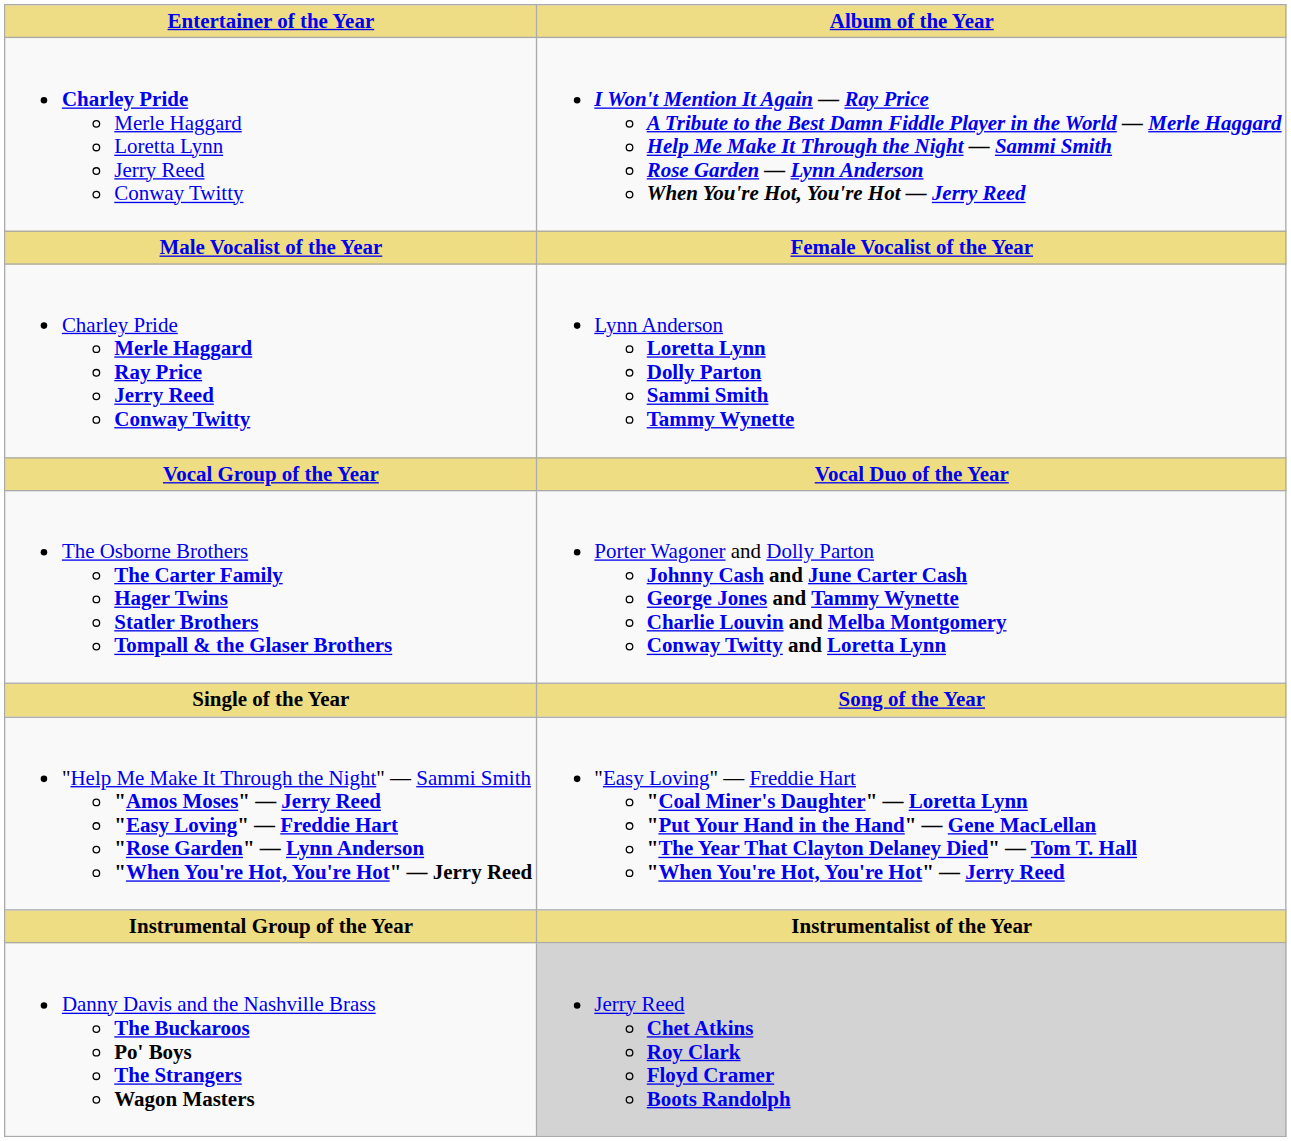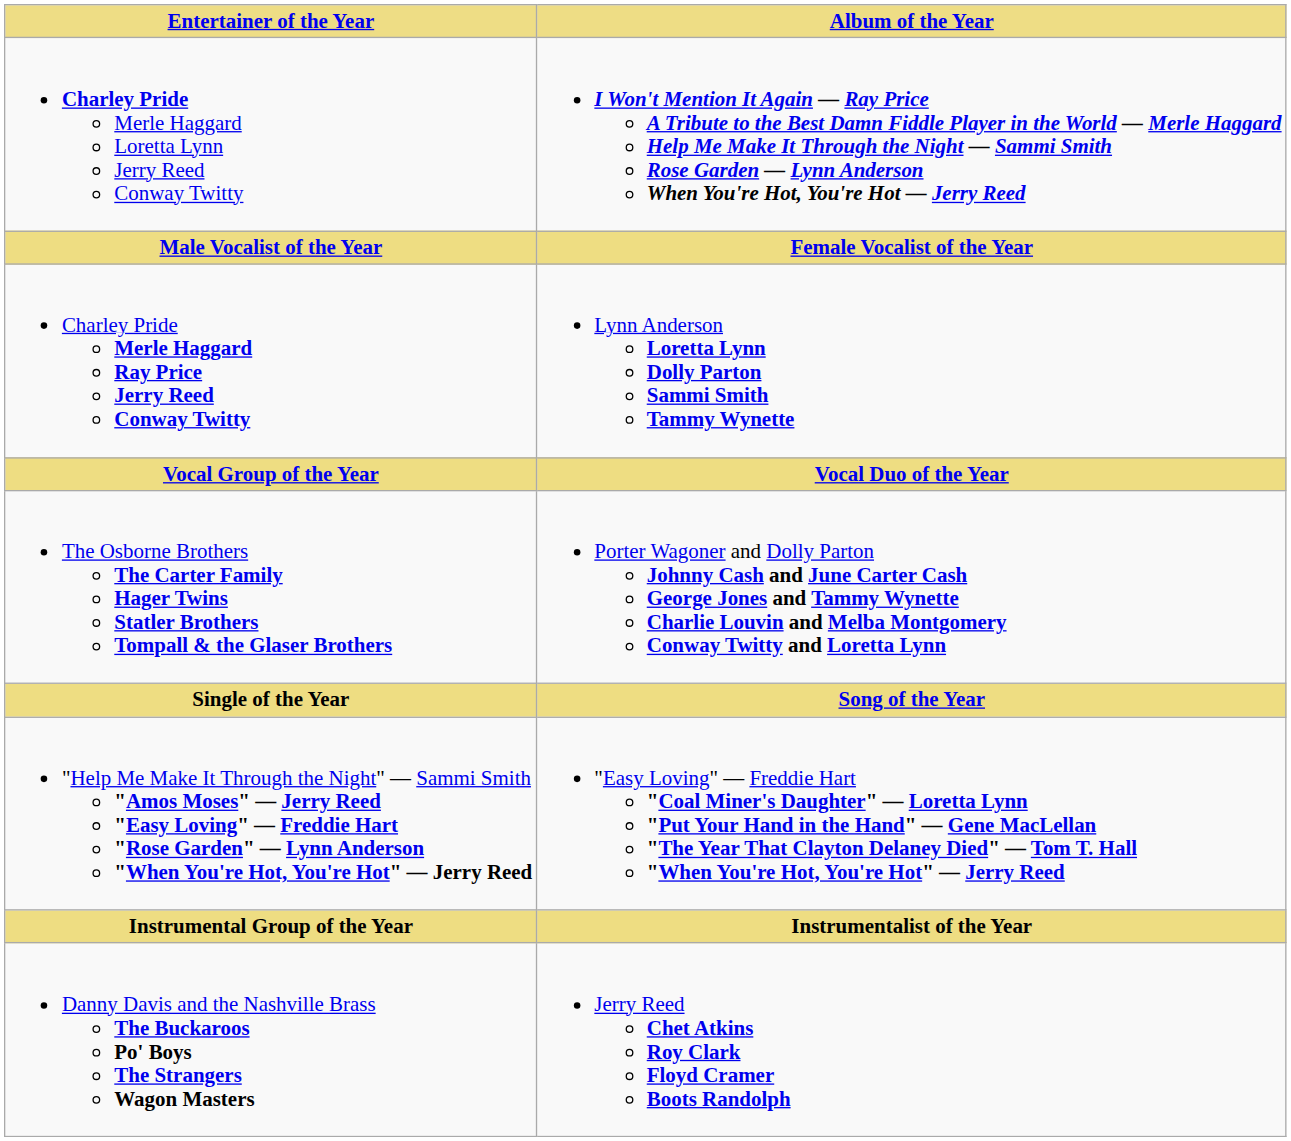 <table class="wikitable">
 <tr>
 <th style="background:#EEDD85; width=50%"><a href='#'>Entertainer of the Year</a></th>
 <th style="background:#EEDD85; width=50%"><a href='#'>Album of the Year</a></th>
 </tr>
 <tr>
 <td valign="top"><br><ul><li><strong><a href='#'>Charley Pride</a></strong><ul><li><a href='#'>Merle Haggard</a></li><li><a href='#'>Loretta Lynn</a></li><li><a href='#'>Jerry Reed</a></li><li><a href='#'>Conway Twitty</a></li></ul></li></ul></td>
 <td valign="top"><br><ul><li><strong><em><a href='#'>I Won't Mention It Again</a><em> — <a href='#'>Ray Price</a><strong><ul><li></em><a href='#'>A Tribute to the Best Damn Fiddle Player in the World</a><em> — <a href='#'>Merle Haggard</a></li><li></em><a href='#'>Help Me Make It Through the Night</a><em> — <a href='#'>Sammi Smith</a>   </li><li></em><a href='#'>Rose Garden</a><em> — <a href='#'>Lynn Anderson</a></li><li></em>When You're Hot, You're Hot<em> — <a href='#'>Jerry Reed</a></li></ul></li></ul></td>
 </tr>
 <tr>
 <th style="background:#EEDD82; width=50%"><a href='#'>Male Vocalist of the Year</a></th>
 <th style="background:#EEDD82; width=50%"><a href='#'>Female Vocalist of the Year</a></th>
 </tr>
 <tr>
 <td valign="top"><br><ul><li></strong><a href='#'>Charley Pride</a><strong><ul><li><a href='#'>Merle Haggard</a></li><li><a href='#'>Ray Price</a></li><li><a href='#'>Jerry Reed</a></li><li><a href='#'>Conway Twitty</a></li></ul></li></ul></td>
 <td valign="top"><br><ul><li></strong><a href='#'>Lynn Anderson</a><strong><ul><li><a href='#'>Loretta Lynn</a></li><li><a href='#'>Dolly Parton</a></li><li><a href='#'>Sammi Smith</a></li><li><a href='#'>Tammy Wynette</a></li></ul></li></ul></td>
 </tr>
 <tr>
 <th style="background:#EEDD82; width=50%"><a href='#'>Vocal Group of the Year</a></th>
 <th style="background:#EEDD82; width=50%"><a href='#'>Vocal Duo of the Year</a></th>
 </tr>
 <tr>
 <td valign="top"><br><ul><li></strong><a href='#'>The Osborne Brothers</a><strong><ul><li><a href='#'>The Carter Family</a></li><li><a href='#'>Hager Twins</a></li><li><a href='#'>Statler Brothers</a></li><li><a href='#'>Tompall & the Glaser Brothers</a></li></ul></li></ul></td>
 <td valign="top"><br><ul><li></strong><a href='#'>Porter Wagoner</a> and <a href='#'>Dolly Parton</a><strong><ul><li><a href='#'>Johnny Cash</a> and <a href='#'>June Carter Cash</a></li><li><a href='#'>George Jones</a> and <a href='#'>Tammy Wynette</a></li><li><a href='#'>Charlie Louvin</a> and <a href='#'>Melba Montgomery</a></li><li><a href='#'>Conway Twitty</a> and <a href='#'>Loretta Lynn</a></li></ul></li></ul></td>
 </tr>
 <tr>
 <th style="background:#EEDD82; width=50%">Single of the Year</th>
 <th style="background:#EEDD82; width=50%"><a href='#'>Song of the Year</a></th>
 </tr>
 <tr>
 <td valign="top"><br><ul><li></strong>"<a href='#'>Help Me Make It Through the Night</a>" — <a href='#'>Sammi Smith</a><strong><ul><li>"<a href='#'>Amos Moses</a>" — <a href='#'>Jerry Reed</a></li><li>"<a href='#'>Easy Loving</a>" — <a href='#'>Freddie Hart</a></li><li>"<a href='#'>Rose Garden</a>" — <a href='#'>Lynn Anderson</a></li><li>"<a href='#'>When You're Hot, You're Hot</a>" — Jerry Reed</li></ul></li></ul></td>
 <td valign="top"><br><ul><li></strong>"<a href='#'>Easy Loving</a>" — <a href='#'>Freddie Hart</a><strong><ul><li>"<a href='#'>Coal Miner's Daughter</a>" — <a href='#'>Loretta Lynn</a></li><li>"<a href='#'>Put Your Hand in the Hand</a>" — <a href='#'>Gene MacLellan</a></li><li>"<a href='#'>The Year That Clayton Delaney Died</a>" — <a href='#'>Tom T. Hall</a></li><li>"<a href='#'>When You're Hot, You're Hot</a>" — <a href='#'>Jerry Reed</a></li></ul></li></ul></td>
 </tr>
 <tr>
 <th style="background:#EEDD82; width=50%">Instrumental Group of the Year</th>
 <th style="background:#EEDD82; width=50%">Instrumentalist of the Year</th>
 </tr>
 <tr>
 <td valign="top"><br><ul><li></strong><a href='#'>Danny Davis and the Nashville Brass</a><strong><ul><li><a href='#'>The Buckaroos</a></li><li>Po' Boys</li><li><a href='#'>The Strangers</a></li><li>Wagon Masters</li></ul></li></ul></td>
-<td valign="top" style="background: lightgrey;"><br><ul><li></strong><a href='#'>Jerry Reed</a><strong><ul><li><a href='#'>Chet Atkins</a></li><li><a href='#'>Roy Clark</a></li><li><a href='#'>Floyd Cramer</a></li><li><a href='#'>Boots Randolph</a></li></ul></li></ul></td>
+<td valign="top"><br><ul><li></strong><a href='#'>Jerry Reed</a><strong><ul><li><a href='#'>Chet Atkins</a></li><li><a href='#'>Roy Clark</a></li><li><a href='#'>Floyd Cramer</a></li><li><a href='#'>Boots Randolph</a></li></ul></li></ul></td>
 </tr>
 </table>
